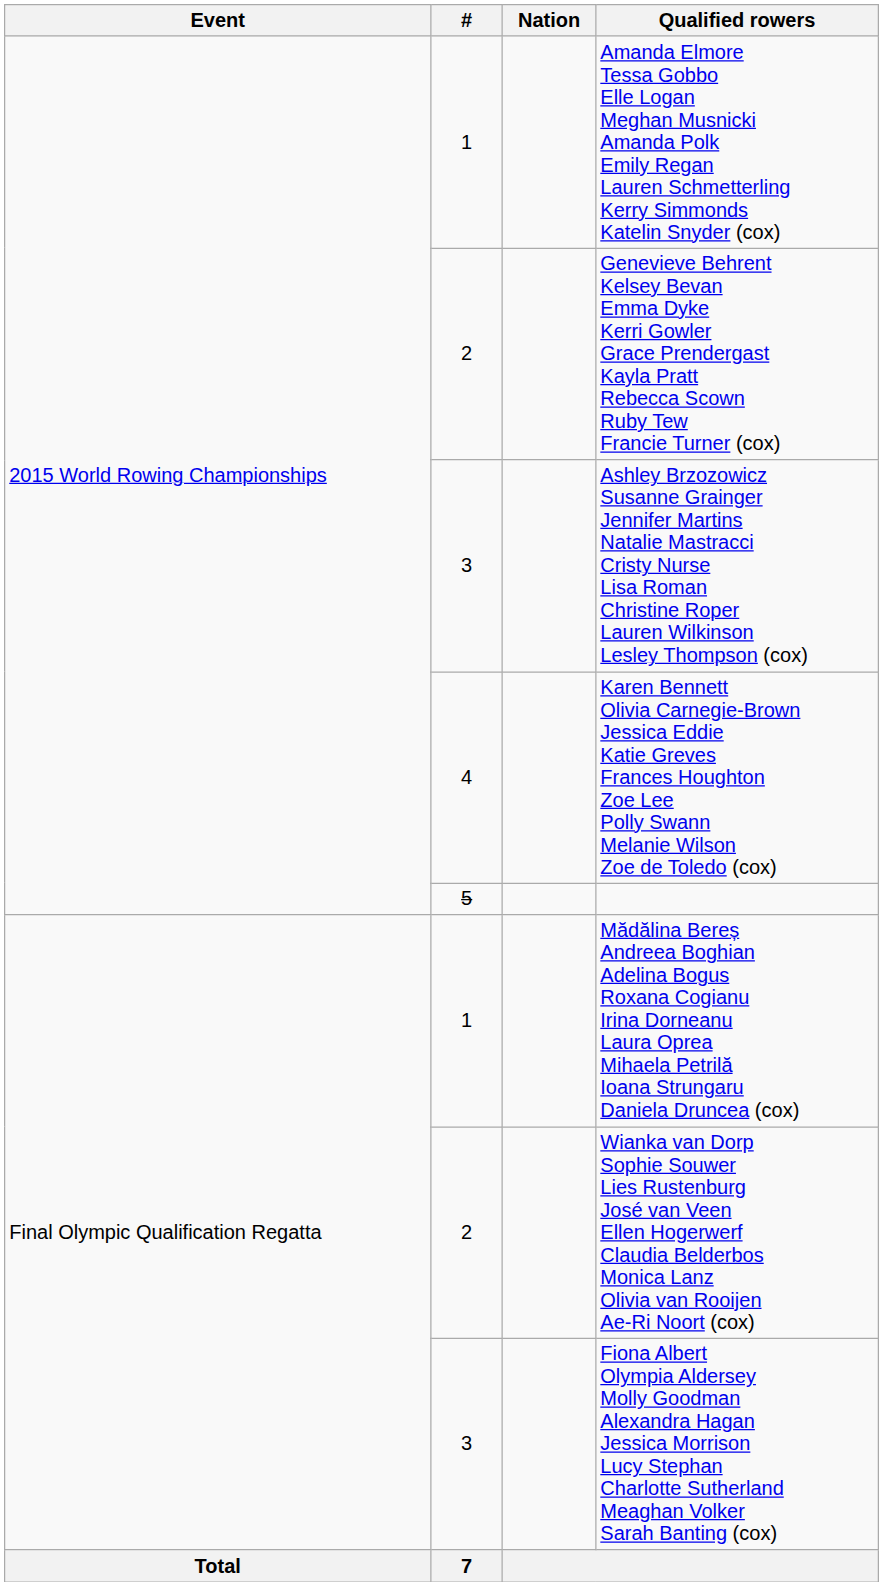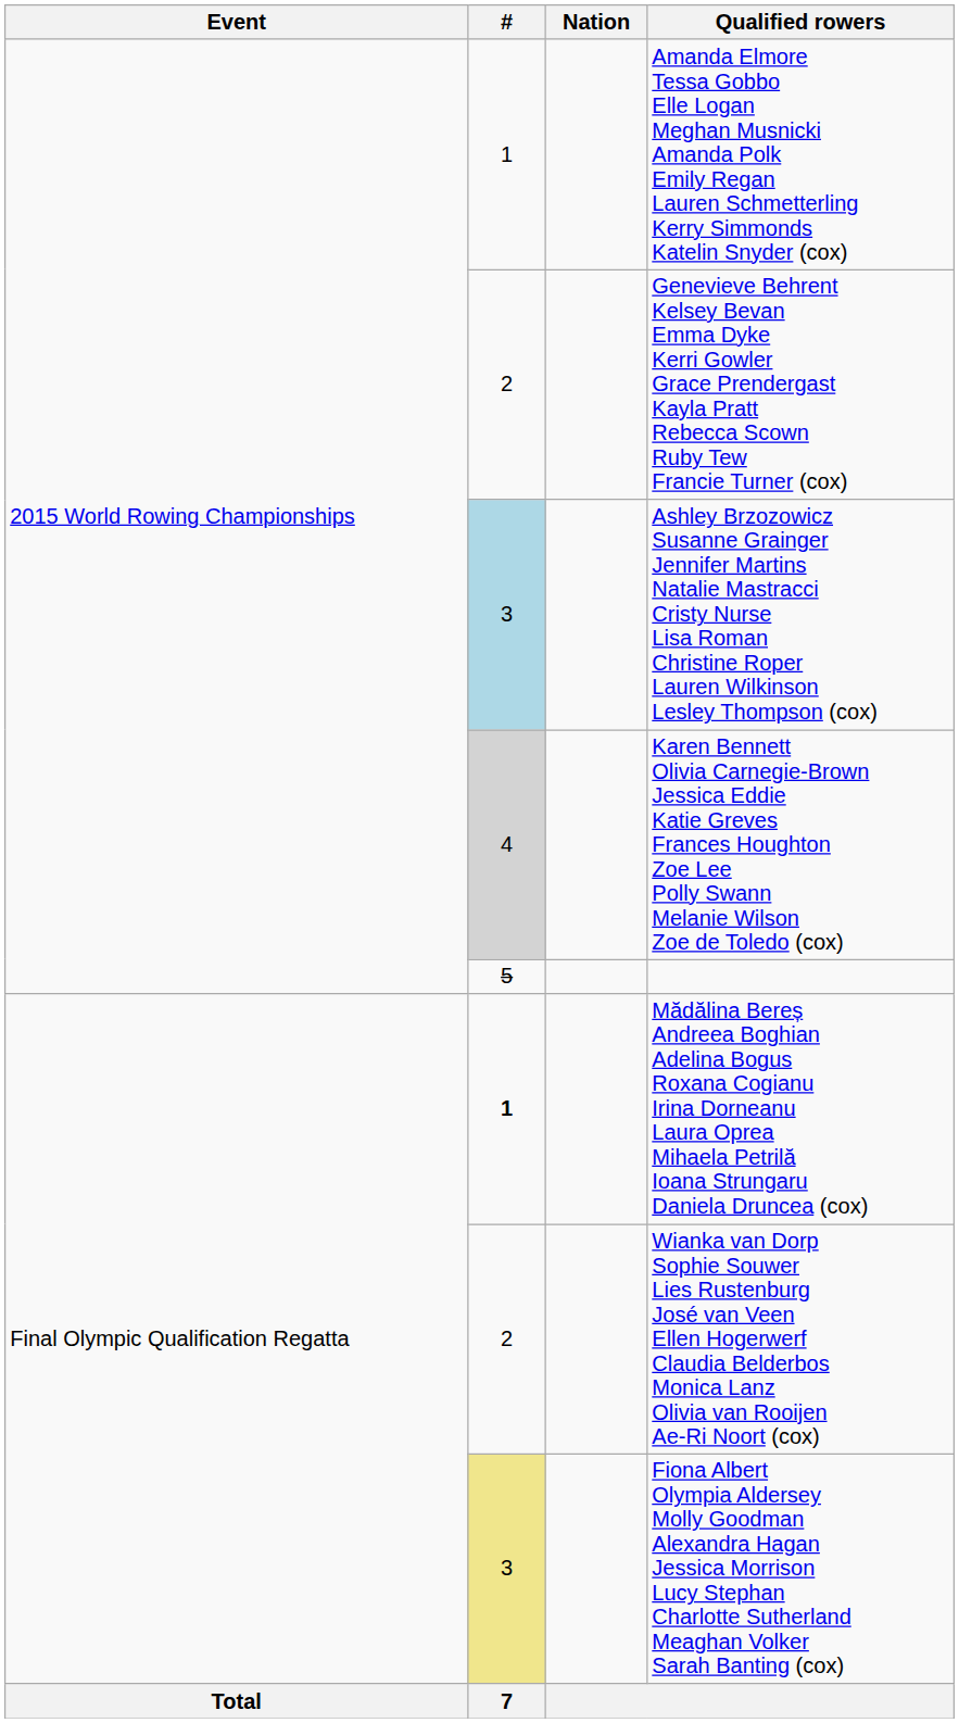 <table class="wikitable"  style="width:700px; text-align:center;">
 <tr>
 <th>Event</th>
 <th width=50>#</th>
 <th>Nation</th>
 <th>Qualified rowers</th>
 </tr>
 <tr>
 <td rowspan=5 align=left><a href='#'>2015 World Rowing Championships</a></td>
 <td>1</td>
 <td align=left></td>
 <td align=left><a href='#'>Amanda Elmore</a><br><a href='#'>Tessa Gobbo</a><br><a href='#'>Elle Logan</a><br><a href='#'>Meghan Musnicki</a><br><a href='#'>Amanda Polk</a><br><a href='#'>Emily Regan</a><br><a href='#'>Lauren Schmetterling</a><br><a href='#'>Kerry Simmonds</a><br><a href='#'>Katelin Snyder</a> (cox)</td>
 </tr>
 <tr>
 <td>2</td>
 <td align=left></td>
 <td align=left><a href='#'>Genevieve Behrent</a><br><a href='#'>Kelsey Bevan</a><br><a href='#'>Emma Dyke</a><br><a href='#'>Kerri Gowler</a><br><a href='#'>Grace Prendergast</a><br><a href='#'>Kayla Pratt</a><br><a href='#'>Rebecca Scown</a><br><a href='#'>Ruby Tew</a><br><a href='#'>Francie Turner</a> (cox)</td>
 </tr>
 <tr>
-<td>3</td>
+<td style="background: lightblue;">3</td>
 <td align=left></td>
 <td align=left><a href='#'>Ashley Brzozowicz</a><br><a href='#'>Susanne Grainger</a><br><a href='#'>Jennifer Martins</a><br><a href='#'>Natalie Mastracci</a><br><a href='#'>Cristy Nurse</a><br><a href='#'>Lisa Roman</a><br><a href='#'>Christine Roper</a><br><a href='#'>Lauren Wilkinson</a><br><a href='#'>Lesley Thompson</a> (cox)</td>
 </tr>
 <tr>
-<td>4</td>
+<td style="background: lightgrey;">4</td>
 <td align=left></td>
 <td align=left><a href='#'>Karen Bennett</a><br><a href='#'>Olivia Carnegie-Brown</a><br><a href='#'>Jessica Eddie</a><br><a href='#'>Katie Greves</a><br><a href='#'>Frances Houghton</a><br><a href='#'>Zoe Lee</a><br><a href='#'>Polly Swann</a><br><a href='#'>Melanie Wilson</a><br><a href='#'>Zoe de Toledo</a> (cox)</td>
 </tr>
 <tr>
 <td><s>5</s></td>
 <td align=left><s></s></td>
 <td align=left></td>
 </tr>
 <tr>
 <td rowspan=3 align=left>Final Olympic Qualification Regatta</td>
-<td>1</td>
+<td><strong>1</strong></td>
 <td align=left></td>
 <td align=left><a href='#'>Mădălina Bereș</a><br><a href='#'>Andreea Boghian</a><br><a href='#'>Adelina Bogus</a><br><a href='#'>Roxana Cogianu</a><br><a href='#'>Irina Dorneanu</a><br><a href='#'>Laura Oprea</a><br><a href='#'>Mihaela Petrilă</a><br><a href='#'>Ioana Strungaru</a><br><a href='#'>Daniela Druncea</a> (cox)</td>
 </tr>
 <tr>
 <td>2</td>
 <td align=left></td>
 <td align=left><a href='#'>Wianka van Dorp</a><br><a href='#'>Sophie Souwer</a><br><a href='#'>Lies Rustenburg</a><br><a href='#'>José van Veen</a><br><a href='#'>Ellen Hogerwerf</a><br><a href='#'>Claudia Belderbos</a><br><a href='#'>Monica Lanz</a><br><a href='#'>Olivia van Rooijen</a><br><a href='#'>Ae-Ri Noort</a> (cox)</td>
 </tr>
 <tr>
-<td>3</td>
+<td style="background: khaki;">3</td>
 <td align=left></td>
 <td align=left><a href='#'>Fiona Albert</a><br><a href='#'>Olympia Aldersey</a><br><a href='#'>Molly Goodman</a><br><a href='#'>Alexandra Hagan</a><br><a href='#'>Jessica Morrison</a><br><a href='#'>Lucy Stephan</a><br><a href='#'>Charlotte Sutherland</a><br><a href='#'>Meaghan Volker</a><br><a href='#'>Sarah Banting</a> (cox)</td>
 </tr>
 <tr>
 <th>Total</th>
 <th>7</th>
 <th colspan=2></th>
 </tr>
 </table>
